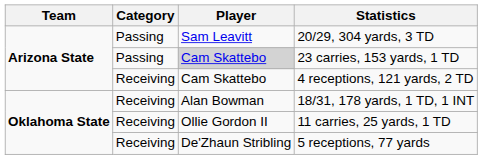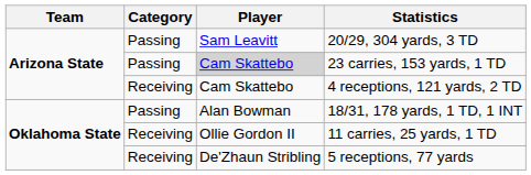 <table class="wikitable" style="float: right;">
 <tr>
 <th>Team</th>
 <th>Category</th>
 <th>Player</th>
 <th>Statistics</th>
 </tr>
 <tr>
 <td rowspan=3><strong>Arizona State</strong></td>
 <td>Passing</td>
 <td><a href='#'>Sam Leavitt</a></td>
 <td>20/29, 304 yards, 3 TD</td>
 </tr>
 <tr>
 <td>Passing</td>
 <td style="background: lightgrey;"><a href='#'>Cam Skattebo</a></td>
 <td>23 carries, 153 yards, 1 TD</td>
 </tr>
 <tr>
 <td>Receiving</td>
 <td>Cam Skattebo</td>
 <td>4 receptions, 121 yards, 2 TD</td>
 </tr>
 <tr>
 <td rowspan=3><strong>Oklahoma State</strong></td>
-<td>Receiving</td>
+<td>Passing</td>
 <td>Alan Bowman</td>
 <td>18/31, 178 yards, 1 TD, 1 INT</td>
 </tr>
 <tr>
 <td>Receiving</td>
 <td>Ollie Gordon II</td>
 <td>11 carries, 25 yards, 1 TD</td>
 </tr>
 <tr>
 <td>Receiving</td>
 <td>De'Zhaun Stribling</td>
 <td>5 receptions, 77 yards</td>
 </tr>
 </table>
